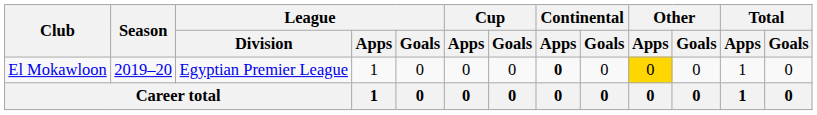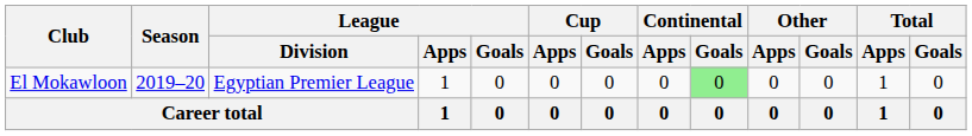 <table class="wikitable" style="text-align: center">
 <tr>
 <th rowspan="2">Club</th>
 <th rowspan="2">Season</th>
 <th colspan="3">League</th>
 <th colspan="2">Cup</th>
 <th colspan="2">Continental</th>
 <th colspan="2">Other</th>
 <th colspan="2">Total</th>
 </tr>
 <tr>
 <th>Division</th>
 <th>Apps</th>
 <th>Goals</th>
 <th>Apps</th>
 <th>Goals</th>
 <th>Apps</th>
 <th>Goals</th>
 <th>Apps</th>
 <th>Goals</th>
 <th>Apps</th>
 <th>Goals</th>
 </tr>
 <tr>
 <td><a href='#'>El Mokawloon</a></td>
 <td><a href='#'>2019–20</a></td>
 <td><a href='#'>Egyptian Premier League</a></td>
 <td>1</td>
 <td>0</td>
 <td>0</td>
 <td>0</td>
-<td><strong>0</strong></td>
 <td>0</td>
-<td style="background: gold;">0</td>
+<td style="background: lightgreen;">0</td>
+<td>0</td>
 <td>0</td>
 <td>1</td>
 <td>0</td>
 </tr>
 <tr>
 <th colspan=3>Career total</th>
 <th>1</th>
 <th>0</th>
 <th>0</th>
 <th>0</th>
 <th>0</th>
 <th>0</th>
 <th>0</th>
 <th>0</th>
 <th>1</th>
 <th>0</th>
 </tr>
 </table>
